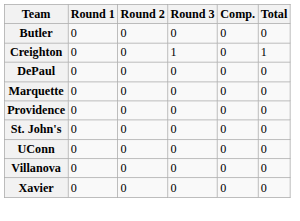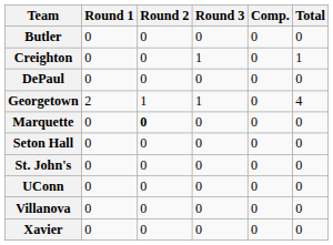 <table class="wikitable sortable">
 <tr>
 <th>Team</th>
 <th>Round 1</th>
 <th>Round 2</th>
 <th>Round 3</th>
 <th>Comp.</th>
 <th>Total</th>
 </tr>
 <tr>
 <th>Butler</th>
 <td>0</td>
 <td>0</td>
 <td>0</td>
 <td>0</td>
 <td>0</td>
 </tr>
 <tr>
 <th>Creighton</th>
 <td>0</td>
 <td>0</td>
 <td>1</td>
 <td>0</td>
 <td>1</td>
 </tr>
 <tr>
 <th>DePaul</th>
 <td>0</td>
 <td>0</td>
 <td>0</td>
 <td>0</td>
 <td>0</td>
 </tr>
 <tr>
+<th>Georgetown</th>
+<td>2</td>
+<td>1</td>
+<td>1</td>
+<td>0</td>
+<td>4</td>
+</tr>
+<tr>
 <th>Marquette</th>
 <td>0</td>
-<td>0</td>
+<td><strong>0</strong></td>
 <td>0</td>
 <td>0</td>
 <td>0</td>
 </tr>
 <tr>
-<th>Providence</th>
+<th>Seton Hall</th>
 <td>0</td>
 <td>0</td>
 <td>0</td>
 <td>0</td>
 <td>0</td>
 </tr>
 <tr>
 <th>St. John's</th>
 <td>0</td>
 <td>0</td>
 <td>0</td>
 <td>0</td>
 <td>0</td>
 </tr>
 <tr>
 <th>UConn</th>
 <td>0</td>
 <td>0</td>
 <td>0</td>
 <td>0</td>
 <td>0</td>
 </tr>
 <tr>
 <th>Villanova</th>
 <td>0</td>
 <td>0</td>
 <td>0</td>
 <td>0</td>
 <td>0</td>
 </tr>
 <tr>
 <th>Xavier</th>
 <td>0</td>
 <td>0</td>
 <td>0</td>
 <td>0</td>
 <td>0</td>
 </tr>
 </table>
